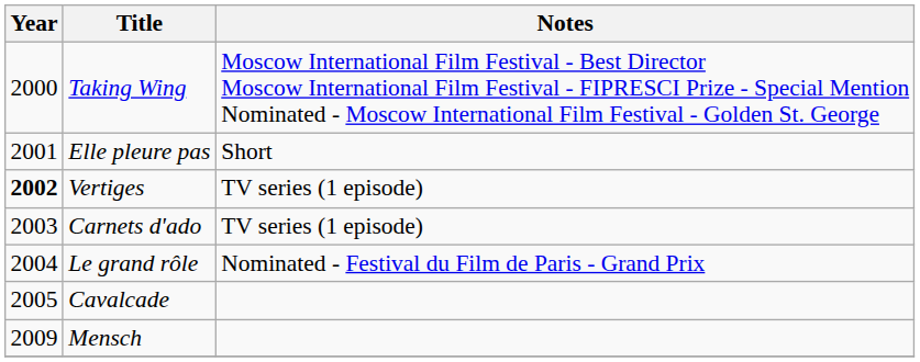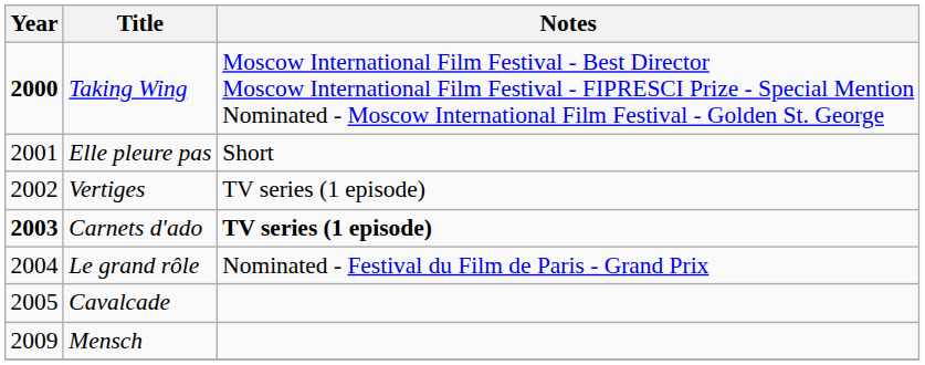 <table class="wikitable sortable">
 <tr>
 <th>Year</th>
 <th>Title</th>
 <th class="unsortable">Notes</th>
 </tr>
 <tr>
-<td>2000</td>
+<td><strong>2000</strong></td>
 <td><em><a href='#'>Taking Wing</a></em></td>
 <td><a href='#'>Moscow International Film Festival - Best Director</a><br><a href='#'>Moscow International Film Festival - FIPRESCI Prize - Special Mention</a><br>Nominated - <a href='#'>Moscow International Film Festival - Golden St. George</a></td>
 </tr>
 <tr>
 <td>2001</td>
 <td><em>Elle pleure pas</em></td>
 <td>Short</td>
 </tr>
 <tr>
-<td><strong>2002</strong></td>
+<td>2002</td>
 <td><em>Vertiges</em></td>
 <td>TV series (1 episode)</td>
 </tr>
 <tr>
-<td>2003</td>
+<td><strong>2003</strong></td>
 <td><em>Carnets d'ado</em></td>
-<td>TV series (1 episode)</td>
+<td><strong>TV series (1 episode)</strong></td>
 </tr>
 <tr>
 <td>2004</td>
 <td><em>Le grand rôle</em></td>
 <td>Nominated - <a href='#'>Festival du Film de Paris - Grand Prix</a></td>
 </tr>
 <tr>
 <td>2005</td>
 <td><em>Cavalcade</em></td>
 <td></td>
 </tr>
 <tr>
 <td>2009</td>
 <td><em>Mensch</em></td>
 <td></td>
 </tr>
 <tr>
 </tr>
 </table>
